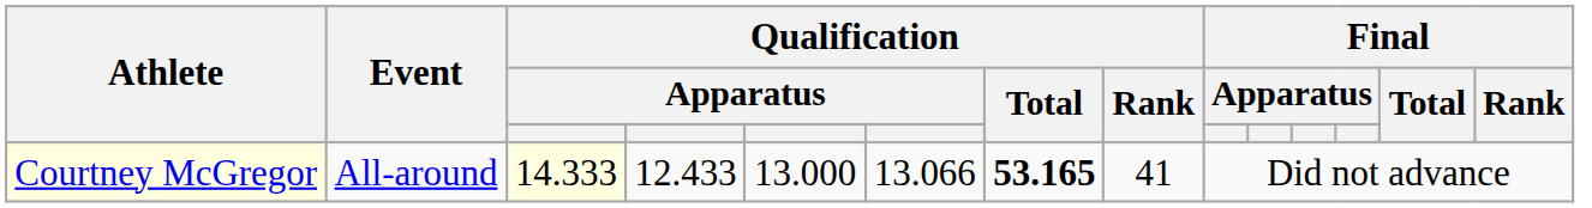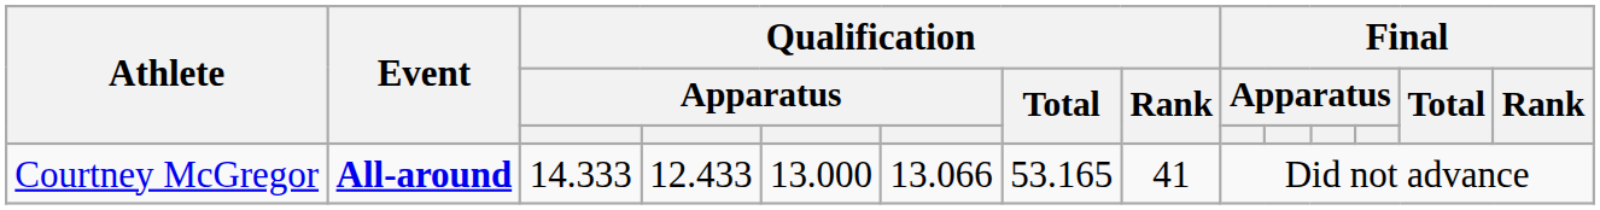 <table class="wikitable" style="font-size:90%">
 <tr>
 <th rowspan=3>Athlete</th>
 <th rowspan=3>Event</th>
 <th colspan=6>Qualification</th>
 <th colspan=6>Final</th>
 </tr>
 <tr style="font-size:95%">
 <th colspan=4>Apparatus</th>
 <th rowspan=2>Total</th>
 <th rowspan=2>Rank</th>
 <th colspan=4>Apparatus</th>
 <th rowspan=2>Total</th>
 <th rowspan=2>Rank</th>
 </tr>
 <tr style="font-size:95%">
 <th></th>
 <th></th>
 <th></th>
 <th></th>
 <th></th>
 <th></th>
 <th></th>
 <th></th>
 </tr>
 <tr align=center>
-<td align=left style="background: lightyellow;"><a href='#'>Courtney McGregor</a></td>
-<td align=left><a href='#'>All-around</a></td>
-<td style="background: lightyellow;">14.333</td>
+<td align=left><a href='#'>Courtney McGregor</a></td>
+<td align=left><strong><a href='#'>All-around</a></strong></td>
+<td>14.333</td>
 <td>12.433</td>
 <td>13.000</td>
 <td>13.066</td>
-<td><strong>53.165</strong></td>
+<td>53.165</td>
 <td>41</td>
 <td colspan=6>Did not advance</td>
 </tr>
 </table>
